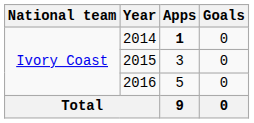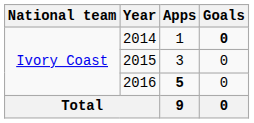 <table class="wikitable" style="text-align:center">
 <tr>
 <th>National team</th>
 <th>Year</th>
 <th>Apps</th>
 <th>Goals</th>
 </tr>
 <tr>
 <td rowspan="3"><a href='#'>Ivory Coast</a></td>
 <td>2014</td>
-<td><strong>1</strong></td>
-<td>0</td>
+<td>1</td>
+<td><strong>0</strong></td>
 </tr>
 <tr>
 <td>2015</td>
 <td>3</td>
 <td>0</td>
 </tr>
 <tr>
 <td>2016</td>
-<td>5</td>
+<td><strong>5</strong></td>
 <td>0</td>
 </tr>
 <tr>
 <th colspan="2">Total</th>
 <th>9</th>
 <th>0</th>
 </tr>
 </table>
